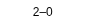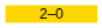 <table style="text-align:center">
 <tr>
 <th width=200></th>
 <th width=100></th>
 <th width=200></th>
 </tr>
 <tr>
 <td align=right></td>
-<td>2–0</td>
+<td style="background: gold;">2–0</td>
 <td align=left></td>
 </tr>
 </table>
